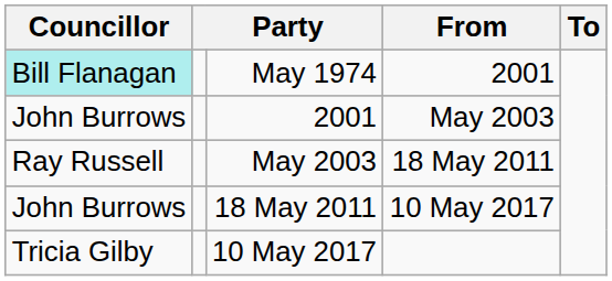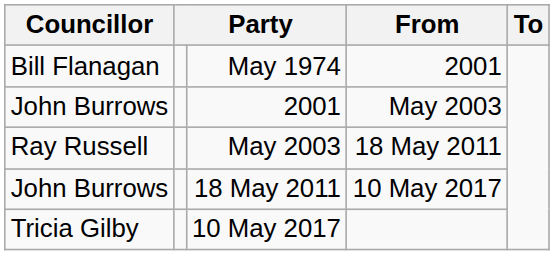 <table class=wikitable>
 <tr>
 <th>Councillor</th>
 <th colspan=2>Party</th>
 <th>From</th>
 <th>To</th>
 </tr>
 <tr>
-<td style="background: paleturquoise;">Bill Flanagan</td>
+<td>Bill Flanagan</td>
 <td></td>
 <td align=right>May 1974</td>
 <td align=right>2001</td>
 </tr>
 <tr>
 <td>John Burrows</td>
 <td></td>
 <td align=right>2001</td>
 <td align=right>May 2003</td>
 </tr>
 <tr>
 <td>Ray Russell</td>
 <td></td>
 <td align=right>May 2003</td>
 <td align=right>18 May 2011</td>
 </tr>
 <tr>
 <td>John Burrows</td>
 <td></td>
 <td align=right>18 May 2011</td>
 <td align=right>10 May 2017</td>
 </tr>
 <tr>
 <td>Tricia Gilby</td>
 <td></td>
 <td align=right>10 May 2017</td>
 <td align=right></td>
 </tr>
 </table>
